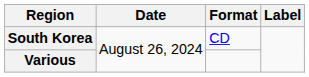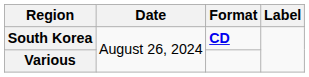 <table class="wikitable plainrowheaders">
 <tr>
 <th scope="col">Region</th>
 <th scope="col">Date</th>
 <th scope="col">Format</th>
 <th scope="col">Label</th>
 </tr>
 <tr>
 <th scope="row">South Korea</th>
 <td rowspan="2">August 26, 2024</td>
-<td><a href='#'>CD</a></td>
+<td><strong><a href='#'>CD</a></strong></td>
 <td rowspan="2"></td>
 </tr>
 <tr>
 <th scope="row">Various</th>
 <td></td>
 </tr>
 </table>
